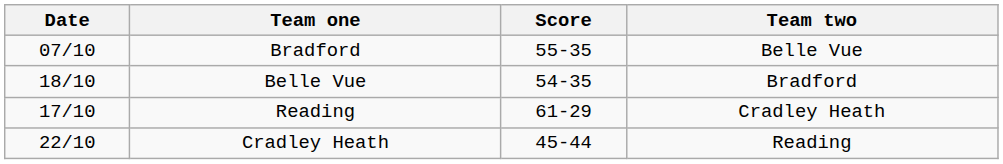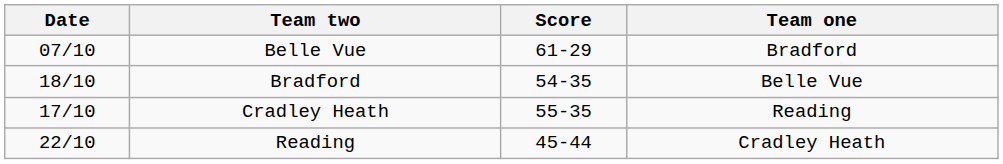 <table class="wikitable" style="text-align: center">
 <tr>
 <th width=80>Date</th>
+<th width=250>Team two</th>
+<th width=80>Score</th>
 <th width=250>Team one</th>
-<th width=80>Score</th>
-<th width=250>Team two</th>
 </tr>
 <tr>
 <td>07/10</td>
+<td>Belle Vue</td>
+<td>61-29</td>
 <td>Bradford</td>
-<td>55-35</td>
+</tr>
+<tr>
+<td>18/10</td>
+<td>Bradford</td>
+<td>54-35</td>
 <td>Belle Vue</td>
 </tr>
 <tr>
-<td>18/10</td>
-<td>Belle Vue</td>
-<td>54-35</td>
-<td>Bradford</td>
-</tr>
-<tr>
 <td>17/10</td>
+<td>Cradley Heath</td>
+<td>55-35</td>
 <td>Reading</td>
-<td>61-29</td>
-<td>Cradley Heath</td>
 </tr>
 <tr>
 <td>22/10</td>
+<td>Reading</td>
+<td>45-44</td>
 <td>Cradley Heath</td>
-<td>45-44</td>
-<td>Reading</td>
 </tr>
 </table>
